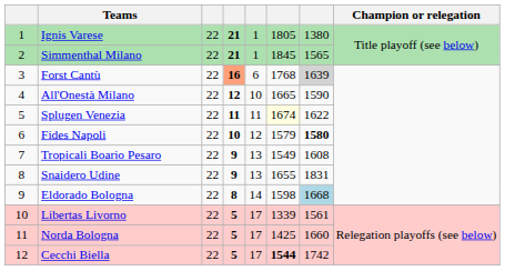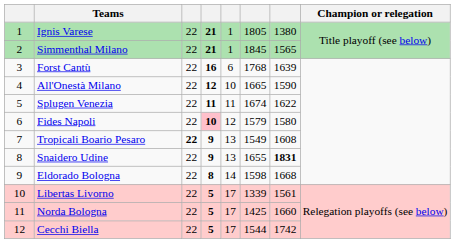 <table class="wikitable" style="text-align: center;">
 <tr>
 <th width=35></th>
 <th width=200>Teams</th>
 <th width=20></th>
 <th width=20></th>
 <th width=20></th>
 <th width=35></th>
 <th width=35></th>
 <th>Champion or relegation</th>
 </tr>
 <tr bgcolor=ACE1AF>
 <td>1 </td>
 <td align="left"><a href='#'>Ignis Varese</a></td>
 <td>22</td>
 <td><strong>21</strong></td>
 <td>1</td>
 <td>1805</td>
 <td>1380</td>
 <td rowspan=2 align="center">Title playoff (see <a href='#'>below</a>)</td>
 </tr>
 <tr bgcolor=ACE1AF>
 <td>2 </td>
 <td align="left"><a href='#'>Simmenthal Milano</a></td>
 <td>22</td>
 <td><strong>21</strong></td>
 <td>1</td>
 <td>1845</td>
 <td>1565</td>
 </tr>
 <tr>
 <td>3</td>
 <td align="left"><a href='#'>Forst Cantù</a></td>
 <td>22</td>
-<td style="background: lightsalmon;"><strong>16</strong></td>
+<td><strong>16</strong></td>
 <td>6</td>
 <td>1768</td>
-<td style="background: lightgrey;">1639</td>
+<td>1639</td>
 </tr>
 <tr>
 <td>4</td>
 <td align="left"><a href='#'>All'Onestà Milano</a></td>
 <td>22</td>
 <td><strong>12</strong></td>
 <td>10</td>
 <td>1665</td>
 <td>1590</td>
 </tr>
 <tr>
 <td>5</td>
 <td align="left"><a href='#'>Splugen Venezia</a></td>
 <td>22</td>
 <td><strong>11</strong></td>
 <td>11</td>
-<td style="background: lightyellow;">1674</td>
+<td>1674</td>
 <td>1622</td>
 </tr>
 <tr>
 <td>6</td>
 <td align="left"><a href='#'>Fides Napoli</a></td>
 <td>22</td>
-<td><strong>10</strong></td>
+<td style="background: pink;"><strong>10</strong></td>
 <td>12</td>
 <td>1579</td>
-<td><strong>1580</strong></td>
+<td>1580</td>
 </tr>
 <tr>
 <td>7 </td>
 <td align="left"><a href='#'>Tropicali Boario Pesaro</a></td>
-<td>22</td>
+<td><strong>22</strong></td>
 <td><strong>9</strong></td>
 <td>13</td>
 <td>1549</td>
 <td>1608</td>
 </tr>
 <tr>
 <td>8 </td>
 <td align="left"><a href='#'>Snaidero Udine</a></td>
 <td>22</td>
 <td><strong>9</strong></td>
 <td>13</td>
 <td>1655</td>
-<td>1831</td>
+<td><strong>1831</strong></td>
 </tr>
 <tr>
 <td>9</td>
 <td align="left"><a href='#'>Eldorado Bologna</a></td>
 <td>22</td>
 <td><strong>8</strong></td>
 <td>14</td>
 <td>1598</td>
-<td style="background: lightblue;">1668</td>
+<td>1668</td>
 </tr>
 <tr bgcolor=FFCCCC>
 <td>10 </td>
 <td align="left"><a href='#'>Libertas Livorno</a></td>
 <td>22</td>
 <td><strong>5</strong></td>
 <td>17</td>
 <td>1339</td>
 <td>1561</td>
 <td rowspan=3 align="center">Relegation playoffs (see <a href='#'>below</a>)</td>
 </tr>
 <tr bgcolor=FFCCCC>
 <td>11 </td>
 <td align="left"><a href='#'>Norda Bologna</a></td>
 <td>22</td>
 <td><strong>5</strong></td>
 <td>17</td>
 <td>1425</td>
 <td>1660</td>
 </tr>
 <tr bgcolor=FFCCCC>
 <td>12 </td>
 <td align="left"><a href='#'>Cecchi Biella</a></td>
 <td>22</td>
 <td><strong>5</strong></td>
 <td>17</td>
-<td><strong>1544</strong></td>
+<td>1544</td>
 <td>1742</td>
 </tr>
 </table>
